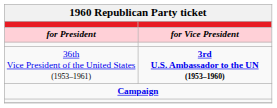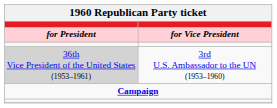 <table class="wikitable" style="font-size:90%; text-align:center;">
 <tr>
 <td style="background:#f1f1f1;" colspan="30"><big><strong>1960 Republican Party ticket</strong></big></td>
 </tr>
 <tr>
 <th style="width:3em; font-size:135%; background:#E81B23; width:200px;"><a href='#'></a></th>
 <th style="width:3em; font-size:135%; background:#E81B23; width:200px;"><a href='#'></a></th>
 </tr>
 <tr style="color:#000; font-size:100%; background:#ffd0d7;">
 <td style="width:3em; width:200px;"><strong><em>for President</em></strong></td>
 <td style="width:3em; width:200px;"><strong><em>for Vice President</em></strong></td>
 </tr>
 <tr>
 <td></td>
 <td></td>
 </tr>
 <tr>
-<td><a href='#'>36th</a><br><a href='#'>Vice President of the United States</a><br><small>(1953–1961)</small></td>
-<td><strong><a href='#'>3rd</a><br><a href='#'>U.S. Ambassador to the UN</a><br><small>(1953–1960)</small></strong></td>
+<td style="background: lightgrey;"><a href='#'>36th</a><br><a href='#'>Vice President of the United States</a><br><small>(1953–1961)</small></td>
+<td><a href='#'>3rd</a><br><a href='#'>U.S. Ambassador to the UN</a><br><small>(1953–1960)</small></td>
 </tr>
 <tr>
 <td colspan=2><strong><a href='#'>Campaign</a></strong></td>
 </tr>
 <tr>
 <td colspan=2></td>
 </tr>
 <tr>
 </tr>
 </table>
